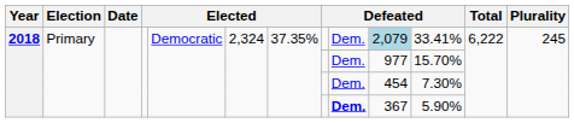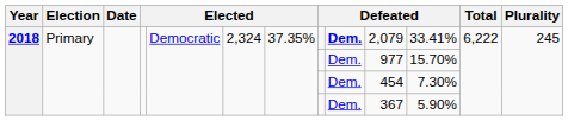 <table class="wikitable">
 <tr>
 <th>Year</th>
 <th>Election</th>
 <th>Date</th>
 <th colspan="4">Elected</th>
 <th colspan="4">Defeated</th>
 <th>Total</th>
 <th>Plurality</th>
 </tr>
 <tr>
 <th rowspan="4" valign="top"><a href='#'>2018</a></th>
 <td rowspan="4" valign="top">Primary</td>
 <td rowspan="4" valign="top"></td>
 <td rowspan="4" valign="top"></td>
 <td rowspan="4" valign="top" ><a href='#'>Democratic</a></td>
 <td rowspan="4" align="right" valign="top">2,324</td>
 <td rowspan="4" align="right" valign="top">37.35%</td>
 <td valign="top"></td>
-<td valign="top" ><a href='#'>Dem.</a></td>
-<td align="right" valign="top" style="background: lightblue;">2,079</td>
+<td valign="top" ><strong><a href='#'>Dem.</a></strong></td>
+<td align="right" valign="top">2,079</td>
 <td align="right" valign="top">33.41%</td>
 <td rowspan="4" align="right" valign="top">6,222</td>
 <td rowspan="4" align="right" valign="top">245</td>
 </tr>
 <tr>
 <td valign="top"></td>
 <td valign="top" ><a href='#'>Dem.</a></td>
 <td align="right" valign="top">977</td>
 <td align="right" valign="top">15.70%</td>
 </tr>
 <tr>
 <td valign="top"></td>
 <td valign="top" ><a href='#'>Dem.</a></td>
 <td align="right" valign="top">454</td>
 <td align="right" valign="top">7.30%</td>
 </tr>
 <tr>
 <td valign="top"></td>
-<td valign="top" ><strong><a href='#'>Dem.</a></strong></td>
+<td valign="top" ><a href='#'>Dem.</a></td>
 <td align="right" valign="top">367</td>
 <td align="right" valign="top">5.90%</td>
 </tr>
 </table>
